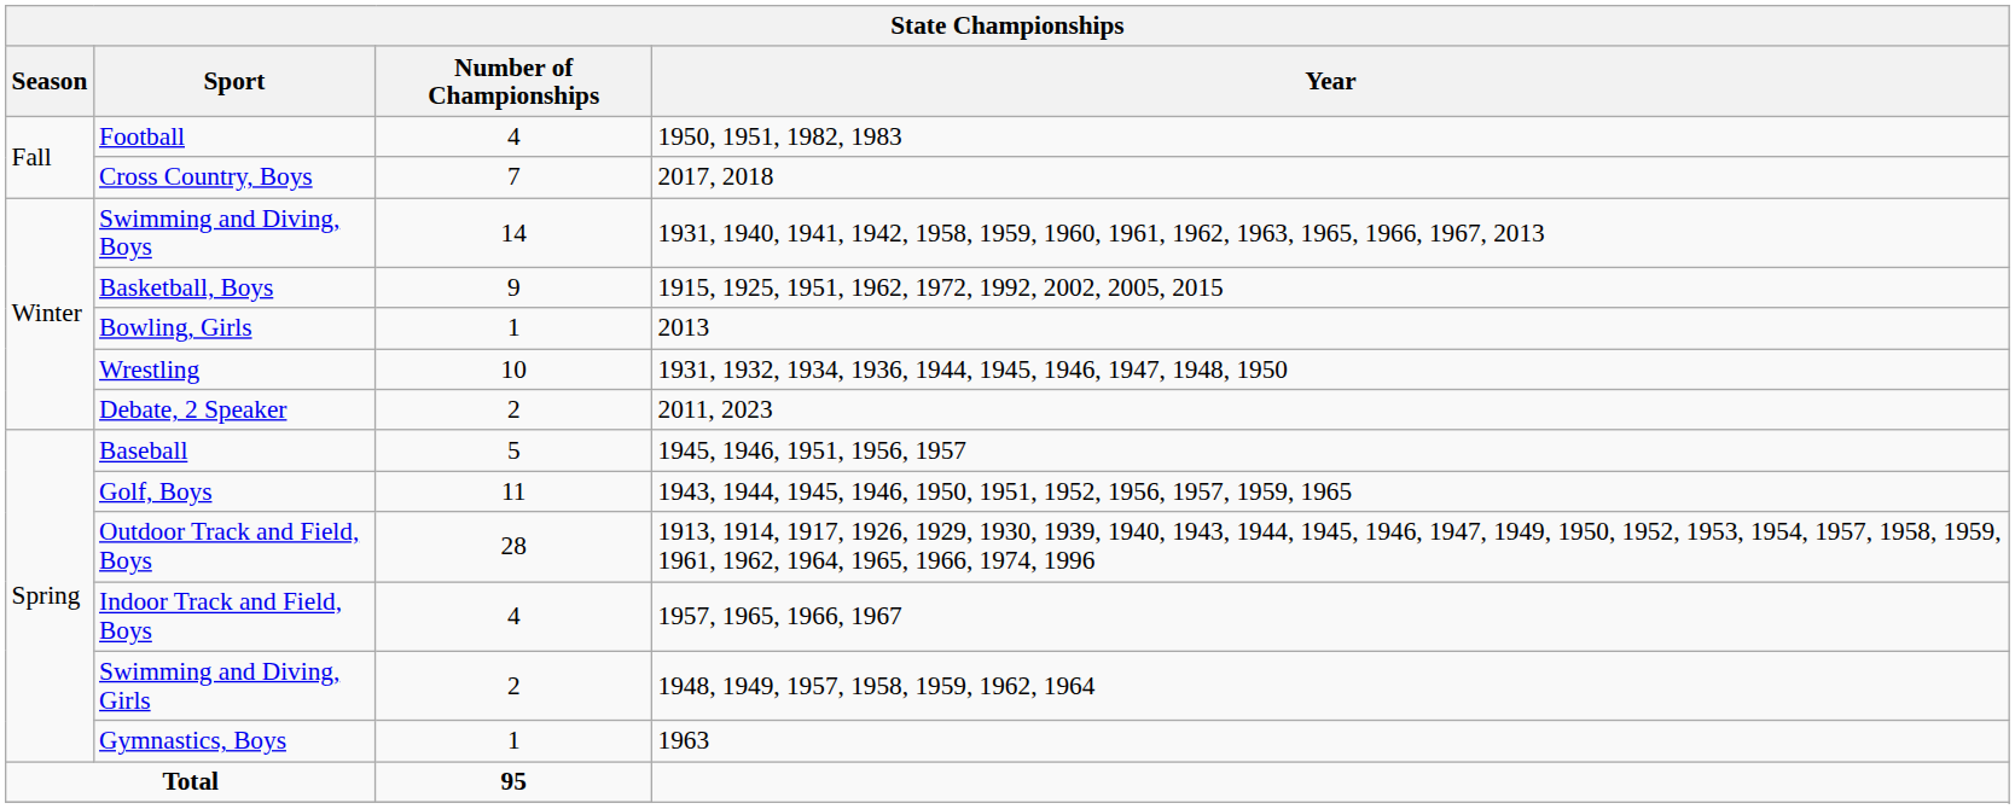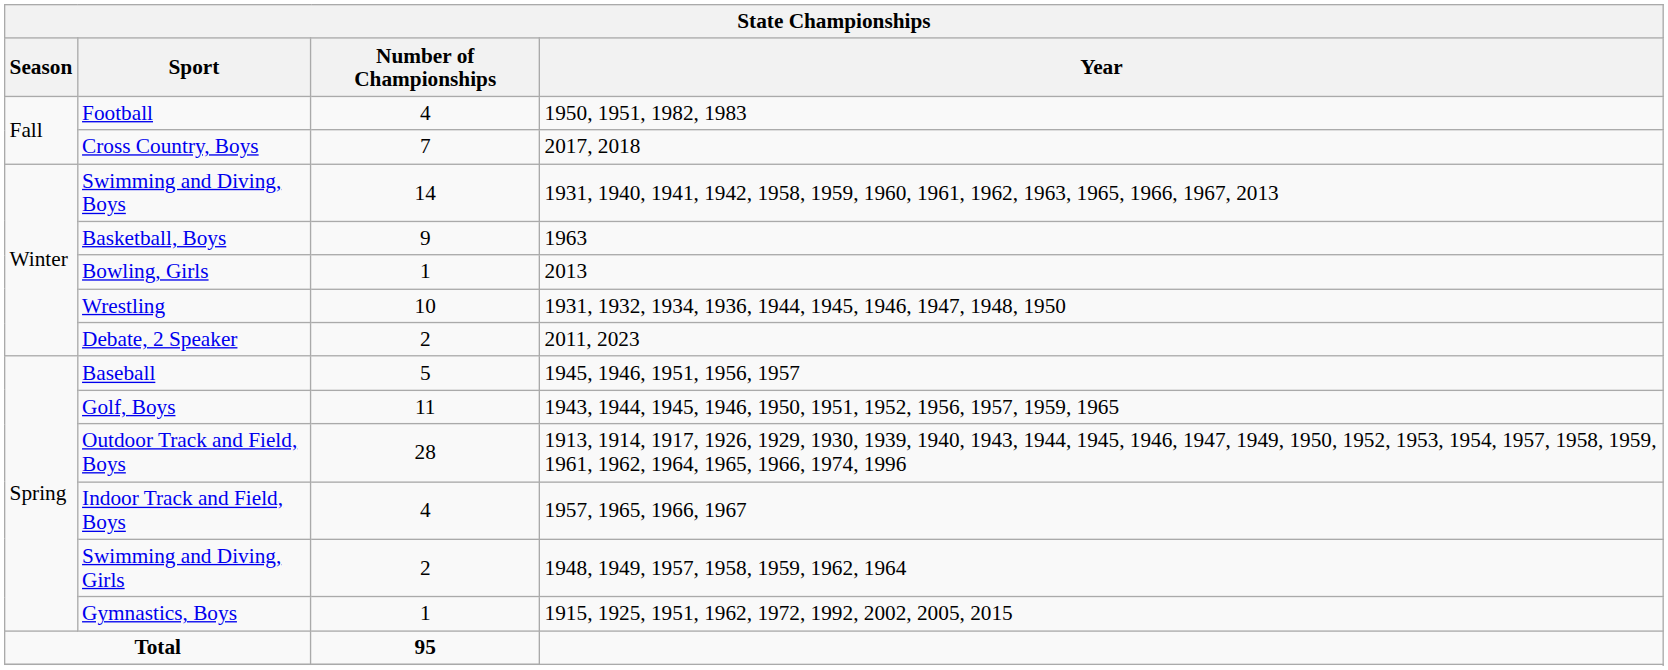 <table class="wikitable">
 <tr>
 <th colspan="4">State Championships</th>
 </tr>
 <tr>
 <th>Season</th>
 <th>Sport</th>
 <th>Number of Championships</th>
 <th>Year</th>
 </tr>
 <tr>
 <td rowspan="2">Fall</td>
 <td><a href='#'>Football</a></td>
 <td align="center">4</td>
 <td>1950, 1951, 1982, 1983</td>
 </tr>
 <tr>
 <td><a href='#'>Cross Country, Boys</a></td>
 <td align="center">7</td>
 <td>2017, 2018</td>
 </tr>
 <tr>
 <td rowspan="5">Winter</td>
 <td><a href='#'>Swimming and Diving, Boys</a></td>
 <td align="center">14</td>
 <td>1931, 1940, 1941, 1942, 1958, 1959, 1960, 1961, 1962, 1963, 1965, 1966, 1967, 2013</td>
 </tr>
 <tr>
 <td><a href='#'>Basketball, Boys</a></td>
 <td align="center">9</td>
-<td>1915, 1925, 1951, 1962, 1972, 1992, 2002, 2005, 2015</td>
+<td>1963</td>
 </tr>
 <tr>
 <td><a href='#'>Bowling, Girls</a></td>
 <td align="center">1</td>
 <td>2013</td>
 </tr>
 <tr>
 <td><a href='#'>Wrestling</a></td>
 <td align="center">10</td>
 <td>1931, 1932, 1934, 1936, 1944, 1945, 1946, 1947, 1948, 1950</td>
 </tr>
 <tr>
 <td><a href='#'>Debate, 2 Speaker</a></td>
 <td align="center">2</td>
 <td>2011, 2023</td>
 </tr>
 <tr>
 <td rowspan="6">Spring</td>
 <td><a href='#'>Baseball</a></td>
 <td align="center">5</td>
 <td>1945, 1946, 1951, 1956, 1957</td>
 </tr>
 <tr>
 <td><a href='#'>Golf, Boys</a></td>
 <td align="center">11</td>
 <td>1943, 1944, 1945, 1946, 1950, 1951, 1952, 1956, 1957, 1959, 1965</td>
 </tr>
 <tr>
 <td><a href='#'>Outdoor Track and Field, Boys</a></td>
 <td align="center">28</td>
 <td>1913, 1914, 1917, 1926, 1929, 1930, 1939, 1940, 1943, 1944, 1945, 1946, 1947, 1949, 1950, 1952, 1953, 1954, 1957, 1958, 1959, 1961, 1962, 1964, 1965, 1966, 1974, 1996</td>
 </tr>
 <tr>
 <td><a href='#'>Indoor Track and Field, Boys</a></td>
 <td align="center">4</td>
 <td>1957, 1965, 1966, 1967</td>
 </tr>
 <tr>
 <td><a href='#'>Swimming and Diving, Girls</a></td>
 <td align="center">2</td>
 <td>1948, 1949, 1957, 1958, 1959, 1962, 1964</td>
 </tr>
 <tr>
 <td><a href='#'>Gymnastics, Boys</a></td>
 <td align="center">1</td>
-<td>1963</td>
+<td>1915, 1925, 1951, 1962, 1972, 1992, 2002, 2005, 2015</td>
 </tr>
 <tr>
 <td align="center" colspan="2"><strong>Total</strong></td>
 <td align="center"><strong>95</strong></td>
 </tr>
 <tr>
 </tr>
 </table>
